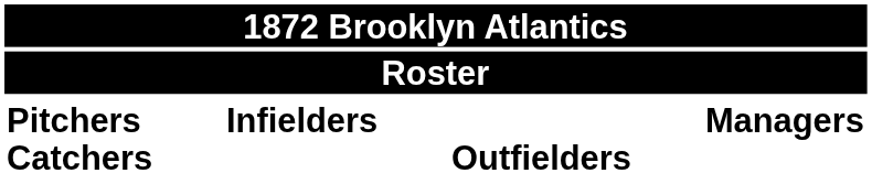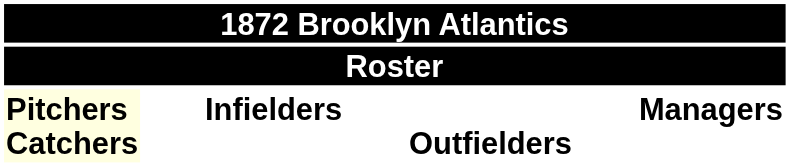 <table class="toccolours" style="font-size: 95%;">
 <tr>
 <th colspan="10" style="background-color: black; color:white; text-align: center;">1872 Brooklyn Atlantics</th>
 </tr>
 <tr>
 <td colspan="10" style="background-color:black; color: white; text-align: center;"><strong>Roster</strong></td>
 </tr>
 <tr>
-<td valign="top"><strong>Pitchers</strong><br> <strong>Catchers</strong> </td>
+<td valign="top" style="background: lightyellow;"><strong>Pitchers</strong><br> <strong>Catchers</strong> </td>
 <td width="25px"></td>
 <td valign="top"><strong>Infielders</strong><br>        </td>
 <td width="25px"></td>
 <td valign="top"><br><strong>Outfielders</strong>           </td>
 <td width="25px"></td>
 <td valign="top"><strong>Managers</strong><br></td>
 </tr>
 </table>
